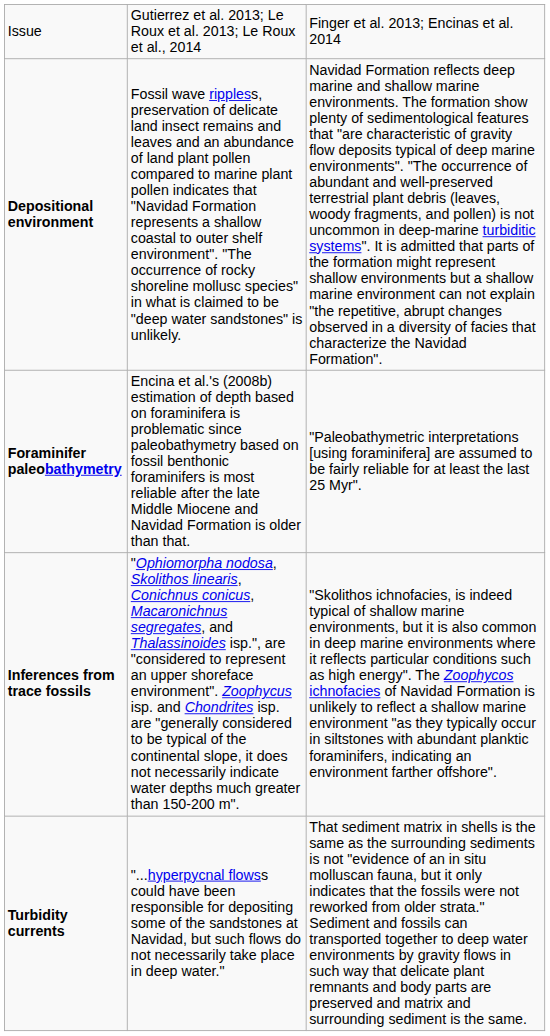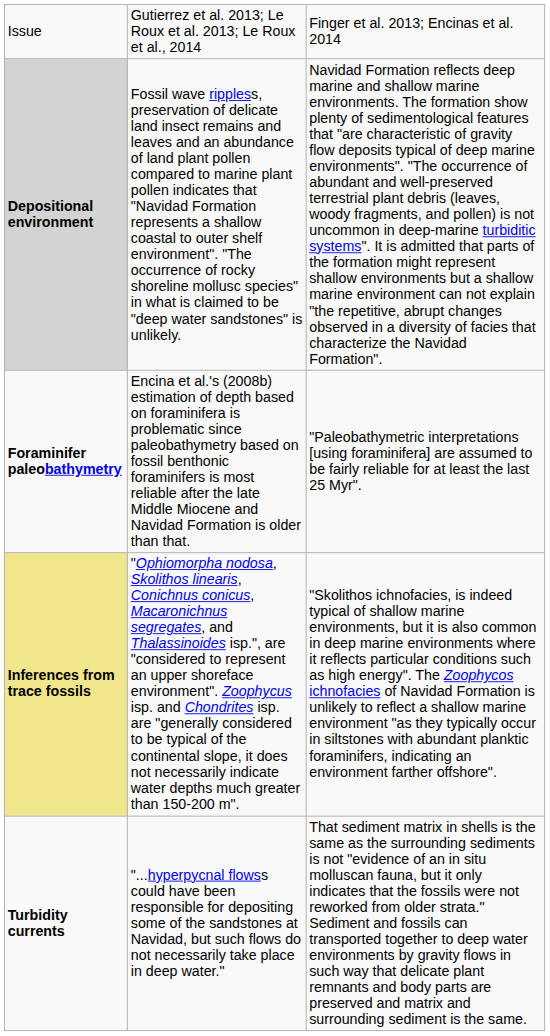 <table class="wikitable">
 <tr>
 <td rowspan=1>Issue</td>
 <td rowspan=1>Gutierrez et al. 2013; Le Roux et al. 2013; Le Roux et al., 2014</td>
 <td rowspan=1>Finger et al. 2013; Encinas et al. 2014</td>
 </tr>
 <tr>
-<td rowspan=1><strong>Depositional environment</strong></td>
+<td rowspan=1 style="background: lightgrey;"><strong>Depositional environment</strong></td>
 <td rowspan=1>Fossil wave <a href='#'>ripples</a>s, preservation of delicate land insect remains and leaves and an abundance of land plant pollen compared to marine plant pollen indicates that "Navidad Formation represents a shallow coastal to outer shelf environment". "The occurrence of rocky shoreline mollusc species" in what is claimed to be "deep water sandstones" is unlikely.</td>
 <td rowspan=1>Navidad Formation reflects deep marine and shallow marine environments. The formation show plenty of sedimentological features that "are characteristic of gravity flow deposits typical of deep marine environments". "The occurrence of abundant and well-preserved terrestrial plant debris (leaves, woody fragments, and pollen) is not uncommon in deep-marine <a href='#'>turbiditic systems</a>". It is admitted that parts of the formation might represent shallow environments but a shallow marine environment can not explain "the repetitive, abrupt changes observed in a diversity of facies that characterize the Navidad Formation".</td>
 </tr>
 <tr>
 <td rowspan=1><strong>Foraminifer paleo<a href='#'>bathymetry</a></strong></td>
 <td rowspan=1>Encina et al.'s (2008b) estimation of depth based on foraminifera is problematic since paleobathymetry based on fossil benthonic foraminifers is most reliable after the late Middle Miocene and Navidad Formation is older than that.</td>
 <td rowspan=1>"Paleobathymetric interpretations [using foraminifera] are assumed to be fairly reliable for at least the last 25 Myr".</td>
 </tr>
 <tr>
-<td rowspan=1><strong>Inferences from trace fossils</strong></td>
+<td rowspan=1 style="background: khaki;"><strong>Inferences from trace fossils</strong></td>
 <td rowspan=1>"<em><a href='#'>Ophiomorpha nodosa</a></em>, <em><a href='#'>Skolithos  linearis</a></em>, <em><a href='#'>Conichnus conicus</a></em>, <em><a href='#'>Macaronichnus segregates</a></em>, and <em><a href='#'>Thalassinoides</a></em> isp.", are "considered to represent an upper shoreface environment". <em><a href='#'>Zoophycus</a></em> isp. and <em><a href='#'>Chondrites</a></em> isp. are "generally considered to be typical of the continental slope, it does not necessarily indicate water depths much greater than 150-200 m".</td>
 <td rowspan=1>"Skolithos ichnofacies, is indeed typical of shallow marine environments, but it is also common in deep marine environments where it reflects particular conditions such as high energy". The <em><a href='#'>Zoophycos</a></em> <a href='#'>ichnofacies</a> of Navidad Formation is unlikely to reflect a shallow marine environment "as they typically occur in siltstones with abundant planktic foraminifers, indicating an environment farther offshore".</td>
 </tr>
 <tr>
 <td rowspan=1><strong>Turbidity currents</strong></td>
 <td rowspan=1>"...<a href='#'>hyperpycnal flows</a>s could have been responsible for depositing some of the sandstones at Navidad, but such flows do not necessarily take place in deep water."</td>
 <td rowspan=1>That sediment matrix in shells is the same as the surrounding sediments is not "evidence of an in situ molluscan fauna, but it only indicates that the fossils were not reworked from older strata." Sediment and fossils can transported together to deep water environments by gravity flows in such way that delicate plant remnants and body parts are preserved and matrix and surrounding sediment is the same.</td>
 </tr>
 </table>
